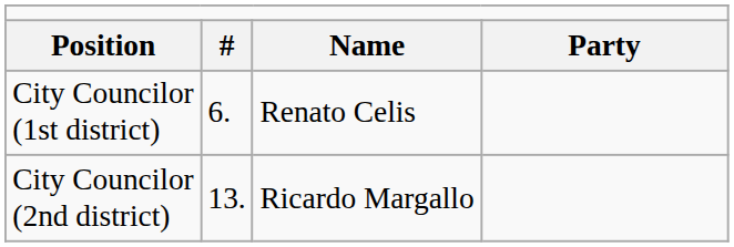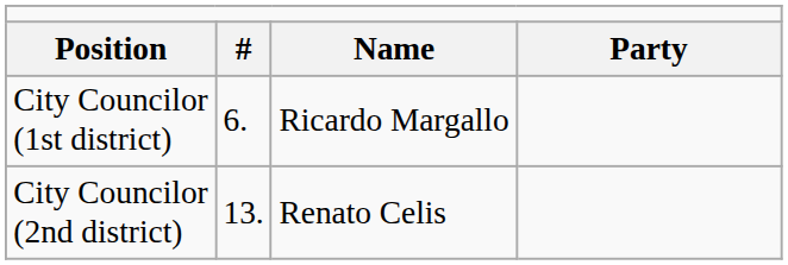 <table class="wikitable" style="font-size:90%">
 <tr>
 <td colspan="5"></td>
 </tr>
 <tr>
 <th>Position</th>
 <th>#</th>
 <th !width="150px">Name</th>
 <th colspan=2 width=110px>Party</th>
 </tr>
 <tr>
 <td>City Councilor<br>(1st district)</td>
 <td>6.</td>
-<td>Renato Celis</td>
+<td>Ricardo Margallo</td>
 <td></td>
 </tr>
 <tr>
 <td>City Councilor<br>(2nd district)</td>
 <td>13.</td>
-<td>Ricardo Margallo</td>
+<td>Renato Celis</td>
 <td></td>
 </tr>
 </table>
